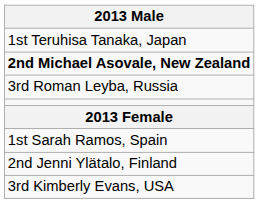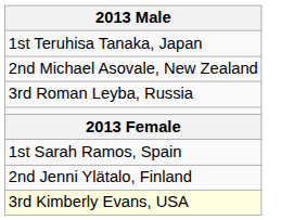 <table class="wikitable" style="float:left; margin-right:1em">
 <tr>
 <th>2013 Male</th>
 </tr>
 <tr>
 <td>1st Teruhisa Tanaka, Japan</td>
 </tr>
 <tr>
-<td><strong>2nd Michael Asovale, New Zealand</strong></td>
+<td>2nd Michael Asovale, New Zealand</td>
 </tr>
 <tr>
 <td>3rd Roman Leyba, Russia</td>
 </tr>
 <tr>
 <td></td>
 </tr>
 <tr>
 <th>2013 Female</th>
 </tr>
 <tr>
 <td>1st Sarah Ramos, Spain</td>
 </tr>
 <tr>
 <td>2nd Jenni Ylätalo, Finland</td>
 </tr>
 <tr>
-<td>3rd Kimberly Evans, USA</td>
+<td style="background: lightyellow;">3rd Kimberly Evans, USA</td>
 </tr>
 </table>
